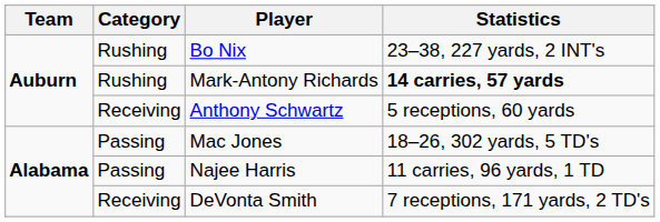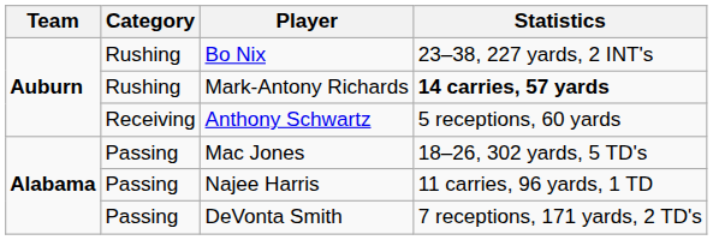 <table class="wikitable" style="float: right;">
 <tr>
 <th>Team</th>
 <th>Category</th>
 <th>Player</th>
 <th>Statistics</th>
 </tr>
 <tr>
 <td rowspan=3><strong>Auburn</strong></td>
 <td>Rushing</td>
 <td><a href='#'>Bo Nix</a></td>
 <td>23–38, 227 yards, 2 INT's</td>
 </tr>
 <tr>
 <td>Rushing</td>
 <td>Mark-Antony Richards</td>
 <td><strong>14 carries, 57 yards</strong></td>
 </tr>
 <tr>
 <td>Receiving</td>
 <td><a href='#'>Anthony Schwartz</a></td>
 <td>5 receptions, 60 yards</td>
 </tr>
 <tr>
 <td rowspan=3><strong>Alabama</strong></td>
 <td>Passing</td>
 <td>Mac Jones</td>
 <td>18–26, 302 yards, 5 TD's</td>
 </tr>
 <tr>
 <td>Passing</td>
 <td>Najee Harris</td>
 <td>11 carries, 96 yards, 1 TD</td>
 </tr>
 <tr>
-<td>Receiving</td>
+<td>Passing</td>
 <td>DeVonta Smith</td>
 <td>7 receptions, 171 yards, 2 TD's</td>
 </tr>
 </table>
